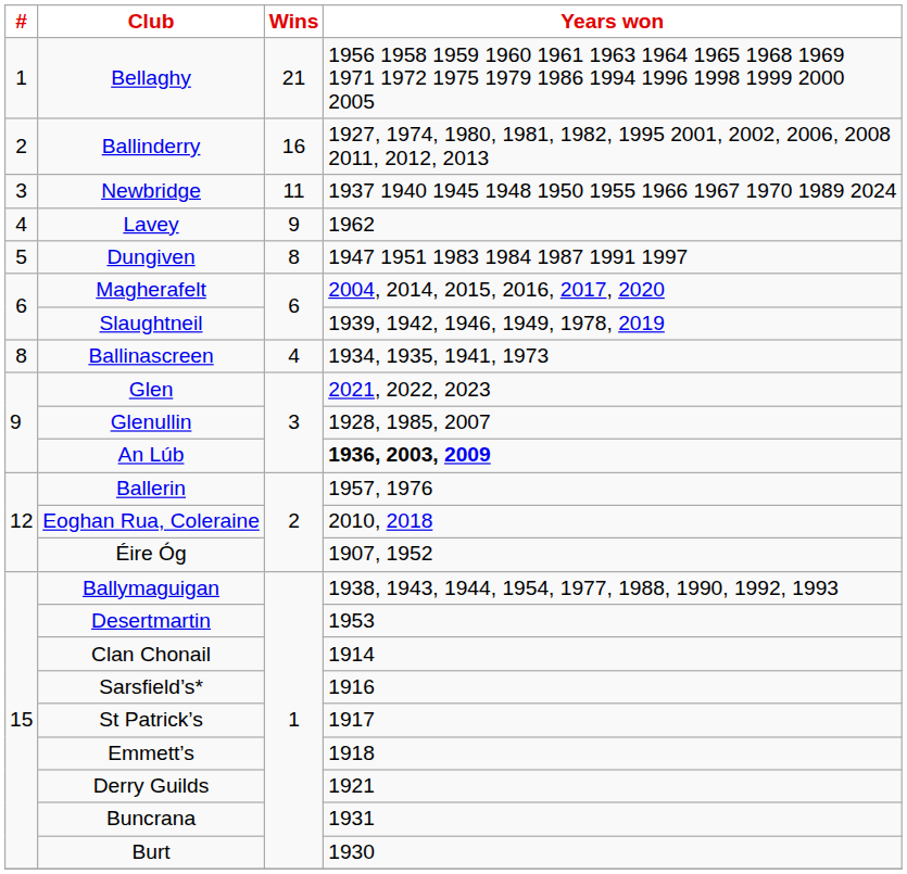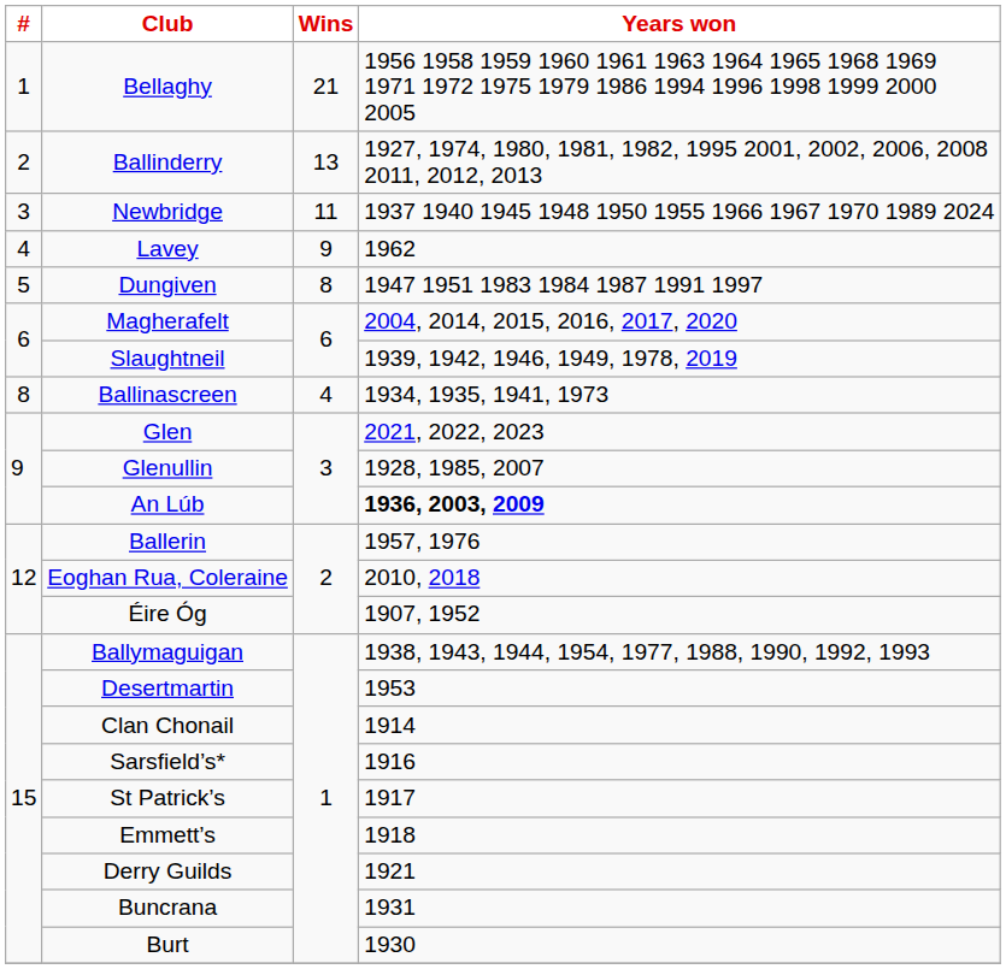 <table class="wikitable">
 <tr>
 <th style="background:white;color:#E00000;">#</th>
 <th style="background:white;color:#E00000;">Club</th>
 <th style="background:white;color:#E00000;">Wins</th>
 <th style="background:white;color:#E00000;">Years won</th>
 </tr>
 <tr>
 <td align=center>1</td>
 <td align=center><a href='#'>Bellaghy</a></td>
 <td align=center>21</td>
 <td>1956 1958 1959 1960 1961 1963 1964 1965 1968 1969<br>1971 1972 1975 1979 1986 1994 1996 1998 1999 2000<br>2005</td>
 </tr>
 <tr>
 <td align=center>2</td>
 <td align=center><a href='#'>Ballinderry</a></td>
-<td align=center>16</td>
+<td align=center>13</td>
 <td>1927, 1974, 1980, 1981, 1982, 1995 2001, 2002, 2006, 2008<br>2011, 2012, 2013</td>
 </tr>
 <tr>
 <td align=center>3</td>
 <td align=center><a href='#'>Newbridge</a></td>
 <td align=center>11</td>
 <td>1937 1940 1945 1948 1950 1955 1966 1967 1970 1989 2024</td>
 </tr>
 <tr>
 <td align=center>4</td>
 <td align=center><a href='#'>Lavey</a></td>
 <td align=center>9</td>
 <td>1962</td>
 </tr>
 <tr>
 <td align=center>5</td>
 <td align=center><a href='#'>Dungiven</a></td>
 <td align=center>8</td>
 <td>1947 1951 1983 1984 1987 1991 1997</td>
 </tr>
 <tr>
 <td rowspan=2 align=center>6</td>
 <td align=center><a href='#'>Magherafelt</a></td>
 <td rowspan=2 align=center>6</td>
 <td><a href='#'>2004</a>, 2014, 2015, 2016, <a href='#'>2017</a>, <a href='#'>2020</a></td>
 </tr>
 <tr>
 <td align=center><a href='#'>Slaughtneil</a></td>
 <td>1939, 1942, 1946, 1949, 1978, <a href='#'>2019</a></td>
 </tr>
 <tr>
 <td align="center">8</td>
 <td align=center><a href='#'>Ballinascreen</a></td>
 <td align=center>4</td>
 <td>1934, 1935, 1941, 1973</td>
 </tr>
 <tr>
 <td rowspan="3">9</td>
 <td align="center"><a href='#'>Glen</a></td>
 <td align="center" rowspan="3">3</td>
 <td><a href='#'>2021</a>, 2022, 2023</td>
 </tr>
 <tr>
 <td align="center"><a href='#'>Glenullin</a></td>
 <td>1928, 1985, 2007</td>
 </tr>
 <tr>
 <td align=center><a href='#'>An Lúb</a></td>
 <td><strong>1936, 2003, <a href='#'>2009</a></strong></td>
 </tr>
 <tr>
 <td rowspan="3" align="center">12</td>
 <td align="center"><a href='#'>Ballerin</a></td>
 <td rowspan="3" align="center">2</td>
 <td>1957, 1976</td>
 </tr>
 <tr>
 <td align="center"><a href='#'>Eoghan Rua, Coleraine</a></td>
 <td>2010, <a href='#'>2018</a></td>
 </tr>
 <tr>
 <td align="center">Éire Óg</td>
 <td>1907, 1952</td>
 </tr>
 <tr>
 <td rowspan=9 align=center>15</td>
 <td align=center><a href='#'>Ballymaguigan</a></td>
 <td rowspan=9 align=center>1</td>
 <td>1938, 1943, 1944, 1954, 1977, 1988, 1990, 1992, 1993</td>
 </tr>
 <tr>
 <td align="center"><a href='#'>Desertmartin</a></td>
 <td>1953</td>
 </tr>
 <tr>
 <td align=center>Clan Chonail</td>
 <td>1914</td>
 </tr>
 <tr>
 <td align=center>Sarsfield’s*</td>
 <td>1916</td>
 </tr>
 <tr>
 <td align=center>St Patrick’s</td>
 <td>1917</td>
 </tr>
 <tr>
 <td align=center>Emmett’s</td>
 <td>1918</td>
 </tr>
 <tr>
 <td align=center>Derry Guilds</td>
 <td>1921</td>
 </tr>
 <tr>
 <td align=center>Buncrana</td>
 <td>1931</td>
 </tr>
 <tr>
 <td align=center>Burt</td>
 <td>1930</td>
 </tr>
 <tr>
 </tr>
 </table>
